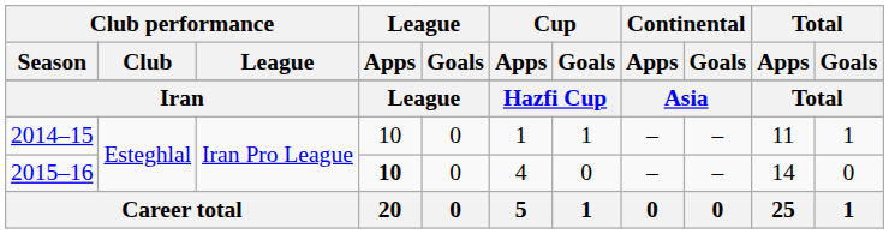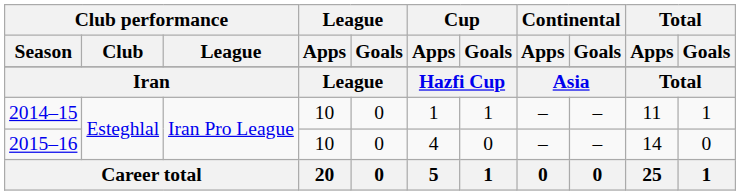 <table class="wikitable" style="text-align:center">
 <tr>
 <th colspan=3>Club performance</th>
 <th colspan=2>League</th>
 <th colspan=2>Cup</th>
 <th colspan=2>Continental</th>
 <th colspan=2>Total</th>
 </tr>
 <tr>
 <th>Season</th>
 <th>Club</th>
 <th>League</th>
 <th>Apps</th>
 <th>Goals</th>
 <th>Apps</th>
 <th>Goals</th>
 <th>Apps</th>
 <th>Goals</th>
 <th>Apps</th>
 <th>Goals</th>
 </tr>
 <tr>
 </tr>
 <tr>
 <th colspan=3>Iran</th>
 <th colspan=2>League</th>
 <th colspan=2><a href='#'>Hazfi Cup</a></th>
 <th colspan=2><a href='#'>Asia</a></th>
 <th colspan=2>Total</th>
 </tr>
 <tr>
 <td><a href='#'>2014–15</a></td>
 <td rowspan="2"><a href='#'>Esteghlal</a></td>
 <td rowspan="2"><a href='#'>Iran Pro League</a></td>
 <td>10</td>
 <td>0</td>
 <td>1</td>
 <td>1</td>
 <td>–</td>
 <td>–</td>
 <td>11</td>
 <td>1</td>
 </tr>
 <tr>
 <td><a href='#'>2015–16</a></td>
-<td><strong>10</strong></td>
+<td>10</td>
 <td>0</td>
 <td>4</td>
 <td>0</td>
 <td>–</td>
 <td>–</td>
 <td>14</td>
 <td>0</td>
 </tr>
 <tr>
 <th colspan=3>Career total</th>
 <th>20</th>
 <th>0</th>
 <th>5</th>
 <th>1</th>
 <th>0</th>
 <th>0</th>
 <th>25</th>
 <th>1</th>
 </tr>
 </table>
